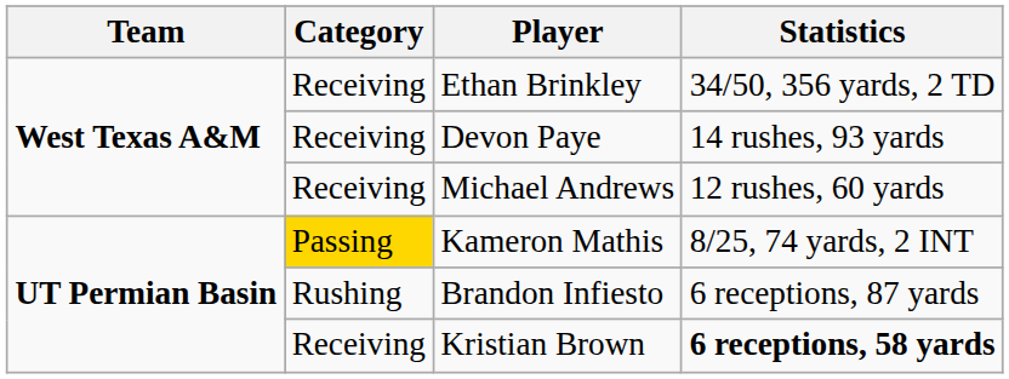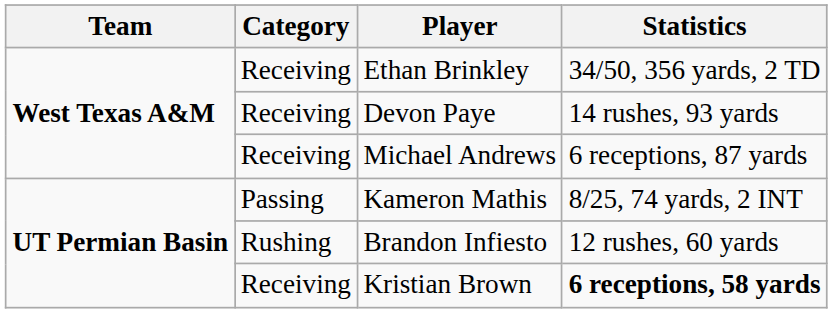 <table class="wikitable" style="float: right;">
 <tr>
 <th>Team</th>
 <th>Category</th>
 <th>Player</th>
 <th>Statistics</th>
 </tr>
 <tr>
 <td rowspan=3><strong>West Texas A&M</strong></td>
 <td>Receiving</td>
 <td>Ethan Brinkley</td>
 <td>34/50, 356 yards, 2 TD</td>
 </tr>
 <tr>
 <td>Receiving</td>
 <td>Devon Paye</td>
 <td>14 rushes, 93 yards</td>
 </tr>
 <tr>
 <td>Receiving</td>
 <td>Michael Andrews</td>
-<td>12 rushes, 60 yards</td>
+<td>6 receptions, 87 yards</td>
 </tr>
 <tr>
 <td rowspan=3><strong>UT Permian Basin</strong></td>
-<td style="background: gold;">Passing</td>
+<td>Passing</td>
 <td>Kameron Mathis</td>
 <td>8/25, 74 yards, 2 INT</td>
 </tr>
 <tr>
 <td>Rushing</td>
 <td>Brandon Infiesto</td>
-<td>6 receptions, 87 yards</td>
+<td>12 rushes, 60 yards</td>
 </tr>
 <tr>
 <td>Receiving</td>
 <td>Kristian Brown</td>
 <td><strong>6 receptions, 58 yards</strong></td>
 </tr>
 </table>
